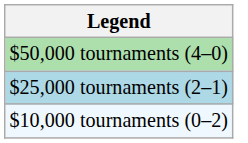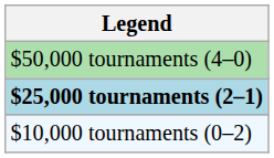 <table class=wikitable style="font-size:85%">
 <tr>
 <th>Legend</th>
 </tr>
 <tr style="background:#addfad;">
 <td>$50,000 tournaments (4–0)</td>
 </tr>
 <tr style="background:lightblue;">
-<td>$25,000 tournaments (2–1)</td>
+<td><strong>$25,000 tournaments (2–1)</strong></td>
 </tr>
 <tr style="background:#f0f8ff;">
 <td>$10,000 tournaments (0–2)</td>
 </tr>
 </table>
